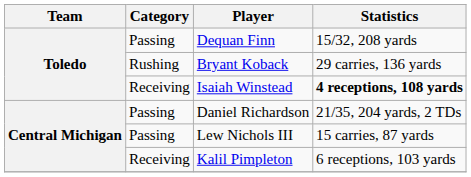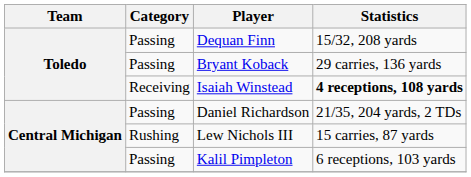 <table class="wikitable" style="float: left;">
 <tr>
 <th>Team</th>
 <th>Category</th>
 <th>Player</th>
 <th>Statistics</th>
 </tr>
 <tr>
 <th rowspan=3>Toledo</th>
 <td>Passing</td>
 <td><a href='#'>Dequan Finn</a></td>
 <td>15/32, 208 yards</td>
 </tr>
 <tr>
-<td>Rushing</td>
+<td>Passing</td>
 <td><a href='#'>Bryant Koback</a></td>
 <td>29 carries, 136 yards</td>
 </tr>
 <tr>
 <td>Receiving</td>
 <td><a href='#'>Isaiah Winstead</a></td>
 <td><strong>4 receptions, 108 yards</strong></td>
 </tr>
 <tr>
 <th rowspan=3 style=>Central Michigan</th>
 <td>Passing</td>
 <td>Daniel Richardson</td>
 <td>21/35, 204 yards, 2 TDs</td>
 </tr>
 <tr>
-<td>Passing</td>
+<td>Rushing</td>
 <td>Lew Nichols III</td>
 <td>15 carries, 87 yards</td>
 </tr>
 <tr>
-<td>Receiving</td>
+<td>Passing</td>
 <td><a href='#'>Kalil Pimpleton</a></td>
 <td>6 receptions, 103 yards</td>
 </tr>
 <tr>
 </tr>
 </table>
